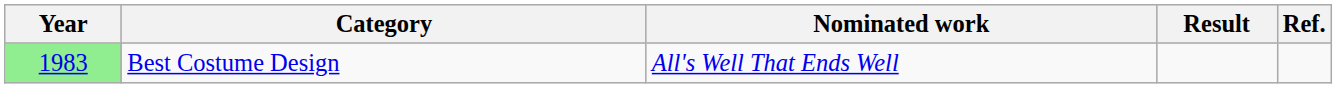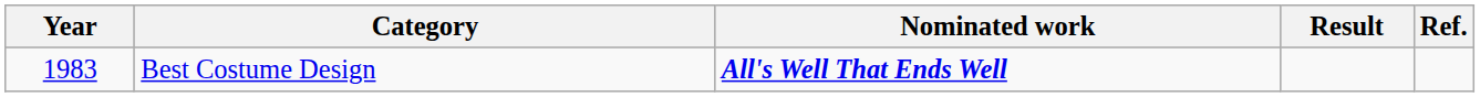 <table class=wikitable>
 <tr>
 <th scope="col" style="width:5em;">Year</th>
 <th scope="col" style="width:26em;">Category</th>
 <th scope="col" style="width:25em;">Nominated work</th>
 <th scope="col" style="width:5em;">Result</th>
 <th>Ref.</th>
 </tr>
 <tr>
-<td style="background: lightgreen; text-align:center;"><a href='#'>1983</a></td>
+<td style="text-align:center;"><a href='#'>1983</a></td>
 <td><a href='#'>Best Costume Design</a></td>
-<td><em><a href='#'>All's Well That Ends Well</a></em></td>
+<td><strong><em><a href='#'>All's Well That Ends Well</a></em></strong></td>
 <td></td>
 <td style="text-align:center;"></td>
 </tr>
 </table>
